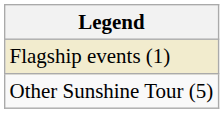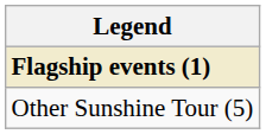 <table class="wikitable" style="font-size:95%;">
 <tr>
 <th>Legend</th>
 </tr>
 <tr style="background:#f2ecce;">
-<td>Flagship events (1)</td>
+<td><strong>Flagship events (1)</strong></td>
 </tr>
 <tr>
 <td>Other Sunshine Tour (5)</td>
 </tr>
 </table>
